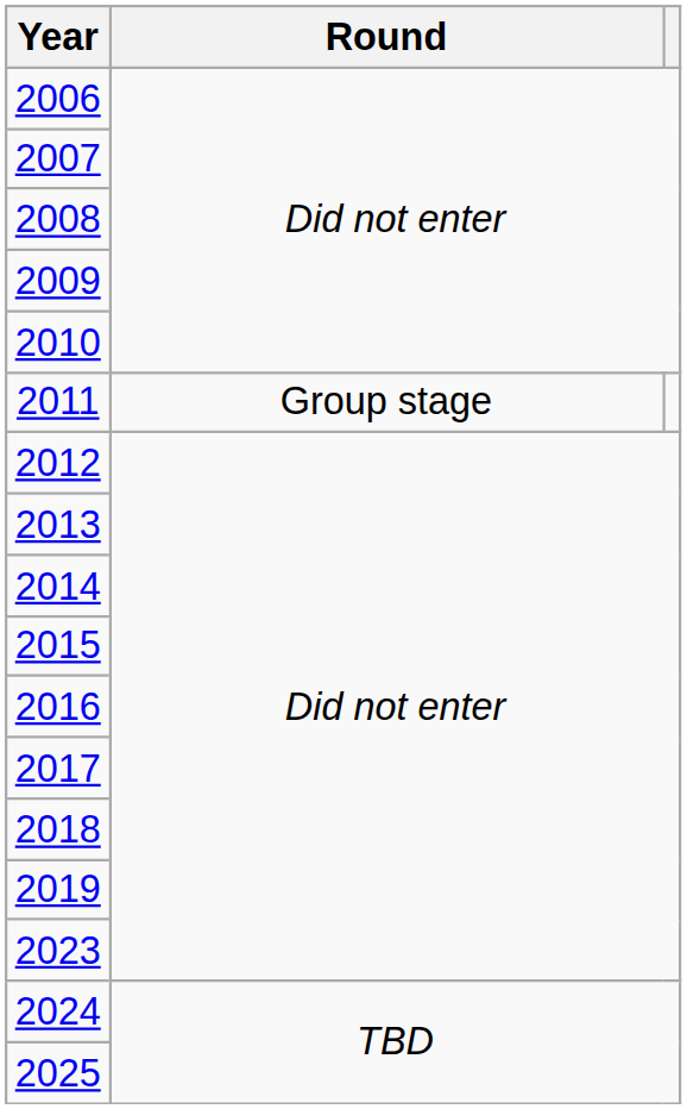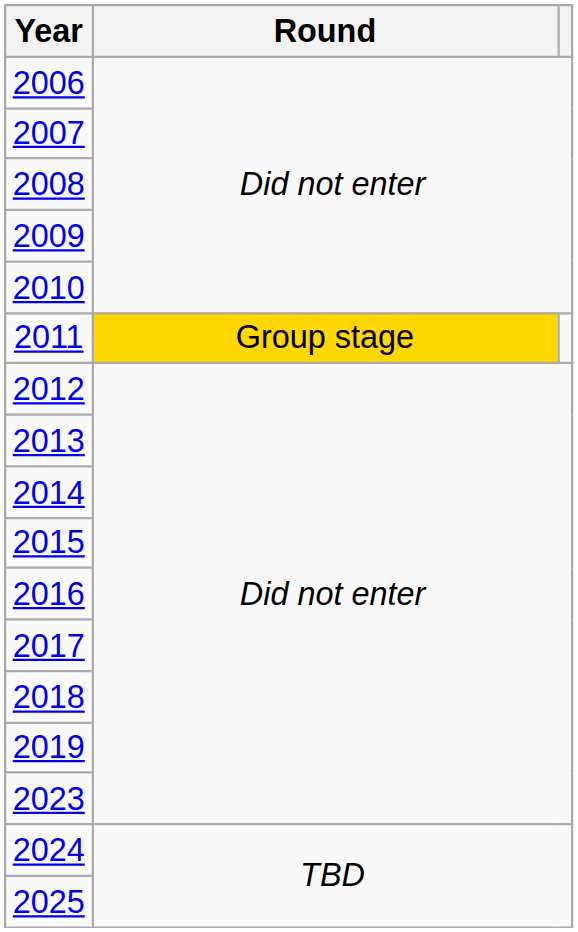 <table class="wikitable" style="text-align: center; font-size:90%">
 <tr>
 <th>Year</th>
 <th style="width:200px">Round</th>
 <th></th>
 </tr>
 <tr>
 <td><a href='#'>2006</a></td>
 <td colspan="2" rowspan="5"><em>Did not enter</em></td>
 </tr>
 <tr>
 <td><a href='#'>2007</a></td>
 </tr>
 <tr>
 <td><a href='#'>2008</a></td>
 </tr>
 <tr>
 <td><a href='#'>2009</a></td>
 </tr>
 <tr>
 <td><a href='#'>2010</a></td>
 </tr>
 <tr>
 <td><a href='#'>2011</a></td>
-<td>Group stage</td>
+<td style="background: gold;">Group stage</td>
 <td></td>
 </tr>
 <tr>
 <td><a href='#'>2012</a></td>
 <td colspan="2" rowspan="9"><em>Did not enter</em></td>
 </tr>
 <tr>
 <td><a href='#'>2013</a></td>
 </tr>
 <tr>
 <td><a href='#'>2014</a></td>
 </tr>
 <tr>
 <td><a href='#'>2015</a></td>
 </tr>
 <tr>
 <td><a href='#'>2016</a></td>
 </tr>
 <tr>
 <td><a href='#'>2017</a></td>
 </tr>
 <tr>
 <td><a href='#'>2018</a></td>
 </tr>
 <tr>
 <td><a href='#'>2019</a></td>
 </tr>
 <tr>
 <td><a href='#'>2023</a></td>
 </tr>
 <tr>
 <td><a href='#'>2024</a></td>
 <td colspan="2" rowspan="2"><em>TBD</em></td>
 </tr>
 <tr>
 <td><a href='#'>2025</a></td>
 </tr>
 </table>
